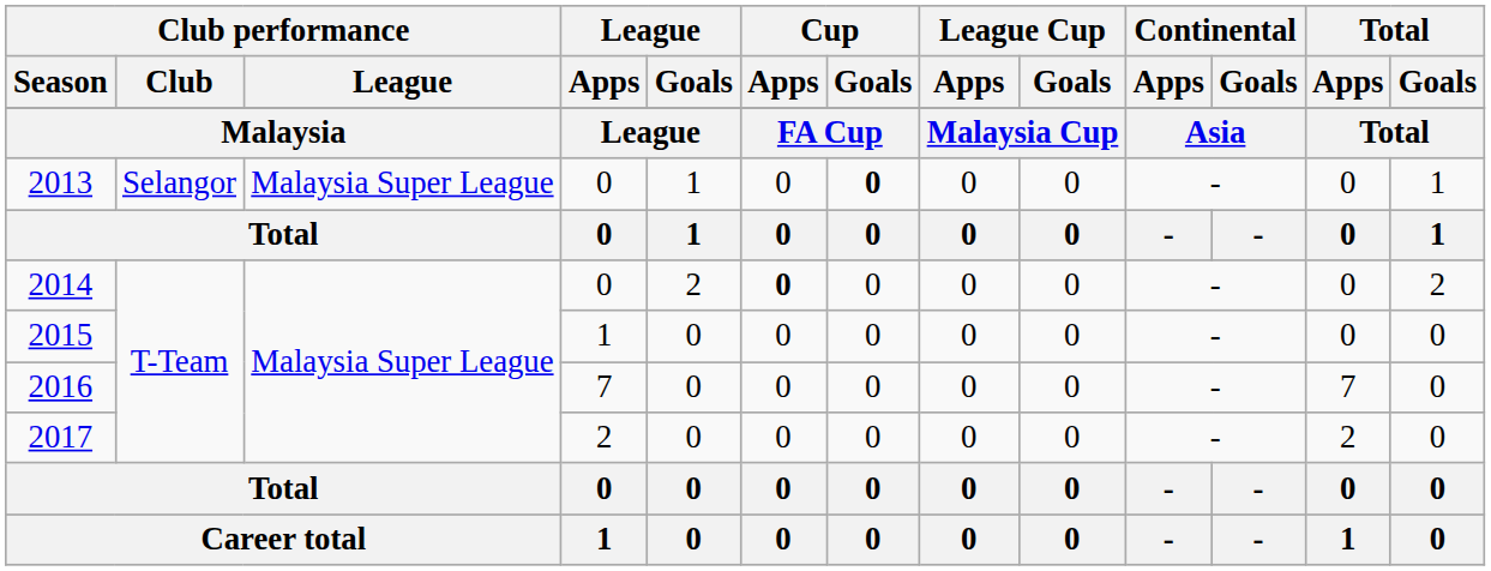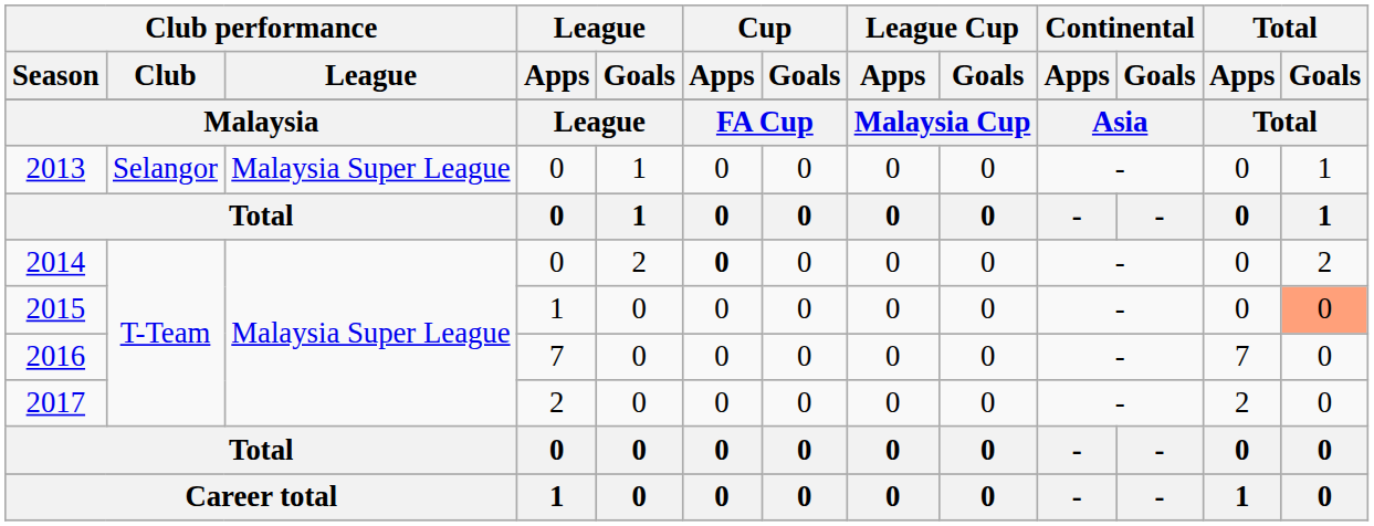 <table class="wikitable" style="text-align:center">
 <tr>
 <th colspan=3>Club performance</th>
 <th colspan=2>League</th>
 <th colspan=2>Cup</th>
 <th colspan=2>League Cup</th>
 <th colspan=2>Continental</th>
 <th colspan=2>Total</th>
 </tr>
 <tr>
 <th>Season</th>
 <th>Club</th>
 <th>League</th>
 <th>Apps</th>
 <th>Goals</th>
 <th>Apps</th>
 <th>Goals</th>
 <th>Apps</th>
 <th>Goals</th>
 <th>Apps</th>
 <th>Goals</th>
 <th>Apps</th>
 <th>Goals</th>
 </tr>
 <tr>
 </tr>
 <tr>
 <th colspan=3>Malaysia</th>
 <th colspan=2>League</th>
 <th colspan=2><a href='#'>FA Cup</a></th>
 <th colspan=2><a href='#'>Malaysia Cup</a></th>
 <th colspan=2><a href='#'>Asia</a></th>
 <th colspan=2>Total</th>
 </tr>
 <tr>
 <td><a href='#'>2013</a></td>
 <td rowspan="1"><a href='#'>Selangor</a></td>
 <td rowspan="1"><a href='#'>Malaysia Super League</a></td>
 <td>0</td>
 <td>1</td>
 <td>0</td>
-<td><strong>0</strong></td>
+<td>0</td>
 <td>0</td>
 <td>0</td>
 <td colspan="2">-</td>
 <td>0</td>
 <td>1</td>
 </tr>
 <tr>
 <th colspan=3>Total</th>
 <th>0</th>
 <th>1</th>
 <th>0</th>
 <th>0</th>
 <th>0</th>
 <th>0</th>
 <th>-</th>
 <th>-</th>
 <th>0</th>
 <th>1</th>
 </tr>
 <tr>
 <td><a href='#'>2014</a></td>
 <td rowspan="4"><a href='#'>T-Team</a></td>
 <td rowspan="4"><a href='#'>Malaysia Super League</a></td>
 <td>0</td>
 <td>2</td>
 <td><strong>0</strong></td>
 <td>0</td>
 <td>0</td>
 <td>0</td>
 <td colspan="2">-</td>
 <td>0</td>
 <td>2</td>
 </tr>
 <tr>
 <td><a href='#'>2015</a></td>
 <td>1</td>
 <td>0</td>
 <td>0</td>
 <td>0</td>
 <td>0</td>
 <td>0</td>
 <td colspan="2">-</td>
 <td>0</td>
-<td>0</td>
+<td style="background: lightsalmon;">0</td>
 </tr>
 <tr>
 <td><a href='#'>2016</a></td>
 <td>7</td>
 <td>0</td>
 <td>0</td>
 <td>0</td>
 <td>0</td>
 <td>0</td>
 <td colspan="2">-</td>
 <td>7</td>
 <td>0</td>
 </tr>
 <tr>
 <td><a href='#'>2017</a></td>
 <td>2</td>
 <td>0</td>
 <td>0</td>
 <td>0</td>
 <td>0</td>
 <td>0</td>
 <td colspan="2">-</td>
 <td>2</td>
 <td>0</td>
 </tr>
 <tr>
 <th colspan=3>Total</th>
 <th>0</th>
 <th>0</th>
 <th>0</th>
 <th>0</th>
 <th>0</th>
 <th>0</th>
 <th>-</th>
 <th>-</th>
 <th>0</th>
 <th>0</th>
 </tr>
 <tr>
 <th colspan=3>Career total</th>
 <th>1</th>
 <th>0</th>
 <th>0</th>
 <th>0</th>
 <th>0</th>
 <th>0</th>
 <th>-</th>
 <th>-</th>
 <th>1</th>
 <th>0</th>
 </tr>
 </table>
